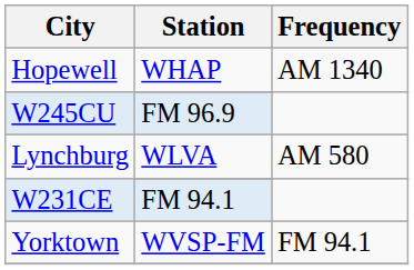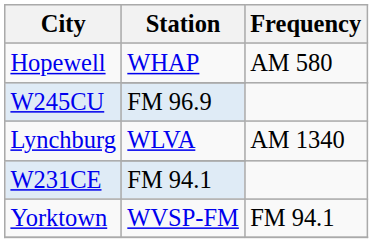 <table class="wikitable sortable">
 <tr>
 <th>City</th>
 <th>Station</th>
 <th>Frequency</th>
 </tr>
 <tr>
 <td rowspan=2><a href='#'>Hopewell</a></td>
 <td><a href='#'>WHAP</a></td>
-<td>AM 1340</td>
+<td>AM 580</td>
 </tr>
 <tr>
 </tr>
 <tr style="background-color:#DFEBF6;">
 <td><a href='#'>W245CU</a></td>
 <td>FM 96.9</td>
 </tr>
 <tr>
 <td rowspan=2><a href='#'>Lynchburg</a></td>
 <td><a href='#'>WLVA</a></td>
-<td>AM 580</td>
+<td>AM 1340</td>
 </tr>
 <tr>
 </tr>
 <tr style="background-color:#DFEBF6;">
 <td><a href='#'>W231CE</a></td>
 <td>FM 94.1</td>
 </tr>
 <tr>
 <td><a href='#'>Yorktown</a></td>
 <td><a href='#'>WVSP-FM</a></td>
 <td>FM 94.1</td>
 </tr>
 <tr>
 </tr>
 </table>
